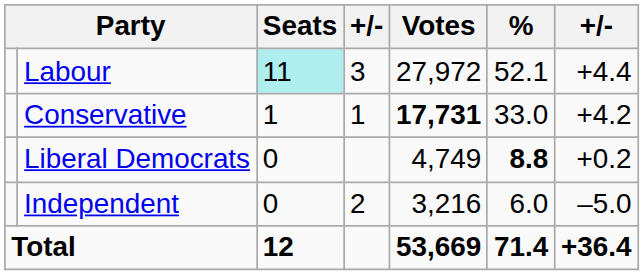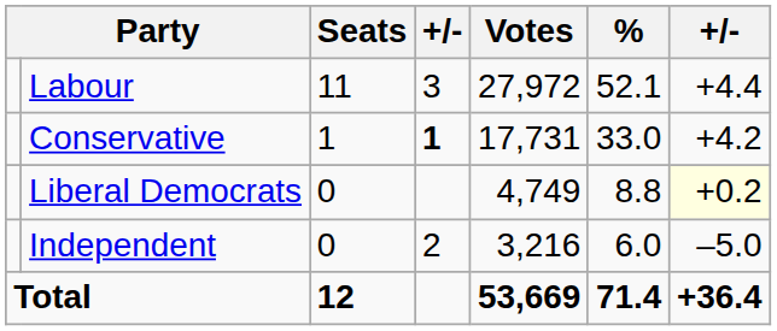 <table class="wikitable sortable">
 <tr>
 <th colspan="2">Party</th>
 <th>Seats</th>
 <th>+/-</th>
 <th>Votes</th>
 <th>%</th>
 <th>+/-</th>
 </tr>
 <tr>
 <td style="background-color: "></td>
 <td><a href='#'>Labour</a></td>
-<td style="background: paleturquoise;">11</td>
+<td>11</td>
 <td> 3</td>
 <td style="text-align:right;">27,972</td>
 <td style="text-align:right;">52.1</td>
 <td style="text-align:right;">+4.4</td>
 </tr>
 <tr>
 <td style="background-color: "></td>
 <td><a href='#'>Conservative</a></td>
 <td>1</td>
-<td>  1</td>
-<td style="text-align:right;"><strong>17,731</strong></td>
+<td><strong>  1</strong></td>
+<td style="text-align:right;">17,731</td>
 <td style="text-align:right;">33.0</td>
 <td style="text-align:right;">+4.2</td>
 </tr>
 <tr>
 <td style="background-color: "></td>
 <td><a href='#'>Liberal Democrats</a></td>
 <td>0</td>
 <td></td>
 <td style="text-align:right;">4,749</td>
-<td style="text-align:right;"><strong>8.8</strong></td>
-<td style="text-align:right;">+0.2</td>
+<td style="text-align:right;">8.8</td>
+<td style="background: lightyellow; text-align:right;">+0.2</td>
 </tr>
 <tr>
 <td style="background-color: "></td>
 <td><a href='#'>Independent</a></td>
 <td>0</td>
 <td> 2</td>
 <td style="text-align:right;">3,216</td>
 <td style="text-align:right;">6.0</td>
 <td style="text-align:right;">–5.0</td>
 </tr>
 <tr>
 <td colspan="2"><strong>Total</strong></td>
 <td><strong>12</strong></td>
 <td></td>
 <td style="text-align:right;"><strong>53,669</strong></td>
 <td style="text-align:right;"><strong>71.4</strong></td>
 <td style="text-align:right;"><strong>+36.4</strong></td>
 </tr>
 </table>
